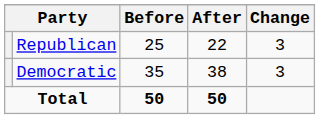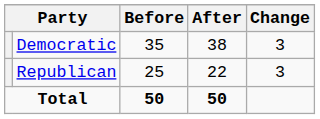 <table class="wikitable" style="text-align:center;">
 <tr>
 </tr>
 <tr>
 <th colspan=2>Party</th>
 <th>Before</th>
 <th>After</th>
 <th>Change</th>
 </tr>
 <tr>
 <th style="background-color:"></th>
-<td style="text-align:left;"><a href='#'>Republican</a></td>
-<td>25</td>
-<td>22</td>
+<td style="text-align:left;"><a href='#'>Democratic</a></td>
+<td>35</td>
+<td>38</td>
 <td> 3</td>
 </tr>
 <tr>
 <th style="background-color:"></th>
-<td style="text-align:left;"><a href='#'>Democratic</a></td>
-<td>35</td>
-<td>38</td>
+<td style="text-align:left;"><a href='#'>Republican</a></td>
+<td>25</td>
+<td>22</td>
 <td> 3</td>
 </tr>
 <tr>
 <td colspan=2><strong>Total</strong></td>
 <td><strong>50</strong></td>
 <td><strong>50</strong></td>
 <td></td>
 </tr>
 </table>
